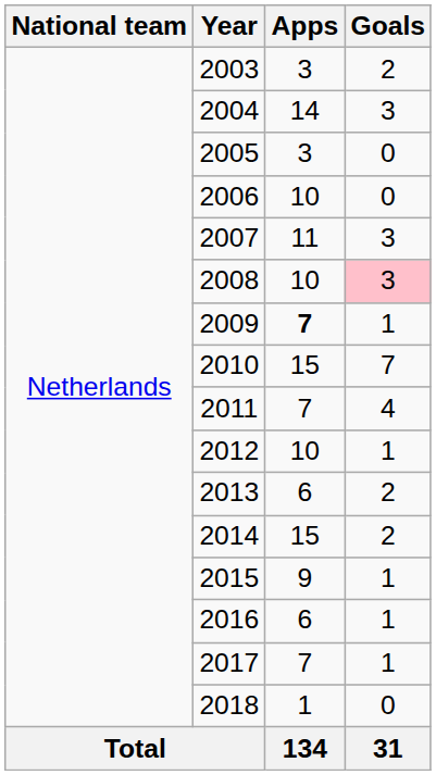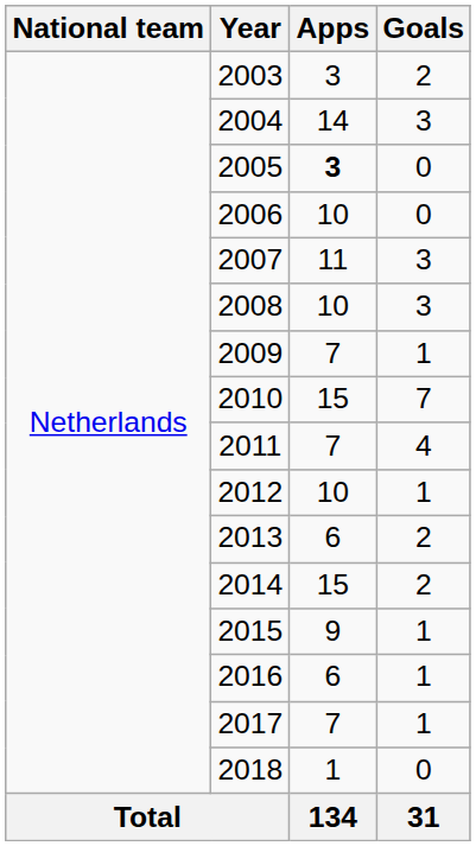 <table class="wikitable" style="text-align:center">
 <tr>
 <th>National team</th>
 <th>Year</th>
 <th>Apps</th>
 <th>Goals</th>
 </tr>
 <tr>
 <td rowspan="16"><a href='#'>Netherlands</a></td>
 <td>2003</td>
 <td>3</td>
 <td>2</td>
 </tr>
 <tr>
 <td>2004</td>
 <td>14</td>
 <td>3</td>
 </tr>
 <tr>
 <td>2005</td>
-<td>3</td>
+<td><strong>3</strong></td>
 <td>0</td>
 </tr>
 <tr>
 <td>2006</td>
 <td>10</td>
 <td>0</td>
 </tr>
 <tr>
 <td>2007</td>
 <td>11</td>
 <td>3</td>
 </tr>
 <tr>
 <td>2008</td>
 <td>10</td>
-<td style="background: pink;">3</td>
+<td>3</td>
 </tr>
 <tr>
 <td>2009</td>
-<td><strong>7</strong></td>
+<td>7</td>
 <td>1</td>
 </tr>
 <tr>
 <td>2010</td>
 <td>15</td>
 <td>7</td>
 </tr>
 <tr>
 <td>2011</td>
 <td>7</td>
 <td>4</td>
 </tr>
 <tr>
 <td>2012</td>
 <td>10</td>
 <td>1</td>
 </tr>
 <tr>
 <td>2013</td>
 <td>6</td>
 <td>2</td>
 </tr>
 <tr>
 <td>2014</td>
 <td>15</td>
 <td>2</td>
 </tr>
 <tr>
 <td>2015</td>
 <td>9</td>
 <td>1</td>
 </tr>
 <tr>
 <td>2016</td>
 <td>6</td>
 <td>1</td>
 </tr>
 <tr>
 <td>2017</td>
 <td>7</td>
 <td>1</td>
 </tr>
 <tr>
 <td>2018</td>
 <td>1</td>
 <td>0</td>
 </tr>
 <tr>
 <th colspan="2">Total</th>
 <th>134</th>
 <th>31</th>
 </tr>
 </table>
